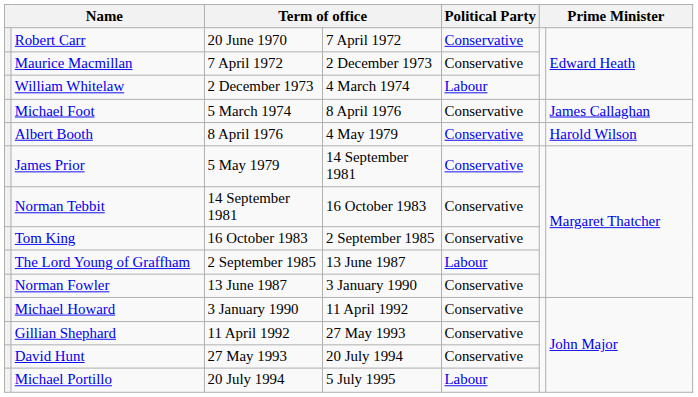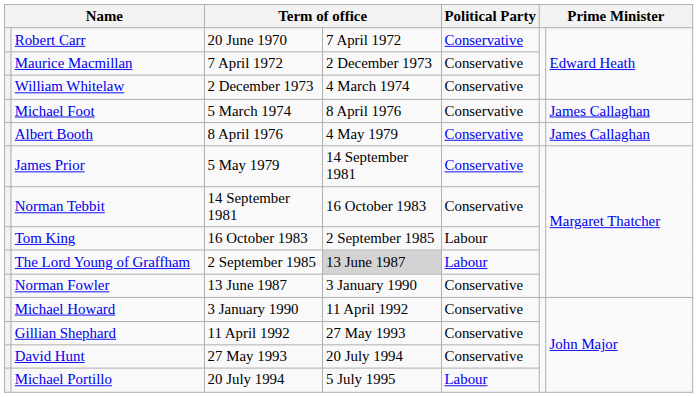 <table class="wikitable">
 <tr>
 <th colspan=2>Name</th>
 <th colspan=2>Term of office</th>
 <th>Political Party</th>
 <th colspan=2>Prime Minister</th>
 </tr>
 <tr>
 <th style="background-color: "></th>
 <td width=200><a href='#'>Robert Carr</a></td>
 <td width=120>20 June 1970</td>
 <td width=120>7 April 1972</td>
 <td><a href='#'>Conservative</a></td>
 <td rowspan=3 style="background-color: "></td>
 <td width=150 rowspan=3><a href='#'>Edward Heath</a></td>
 </tr>
 <tr>
 <th style="background-color: "></th>
 <td><a href='#'>Maurice Macmillan</a></td>
 <td>7 April 1972</td>
 <td>2 December 1973</td>
 <td>Conservative</td>
 </tr>
 <tr>
 <th style="background-color: "></th>
 <td><a href='#'>William Whitelaw</a></td>
 <td>2 December 1973</td>
 <td>4 March 1974</td>
-<td><a href='#'>Labour</a></td>
+<td>Conservative</td>
 </tr>
 <tr>
 <th style="background-color: "></th>
 <td><a href='#'>Michael Foot</a></td>
 <td>5 March 1974</td>
 <td>8 April 1976</td>
 <td>Conservative</td>
 <td style="background-color: "></td>
 <td><a href='#'>James Callaghan</a></td>
 </tr>
 <tr>
 <th style="background-color: "></th>
 <td><a href='#'>Albert Booth</a></td>
 <td>8 April 1976</td>
 <td>4 May 1979</td>
 <td><a href='#'>Conservative</a></td>
 <td style="background-color: "></td>
-<td><a href='#'>Harold Wilson</a></td>
+<td><a href='#'>James Callaghan</a></td>
 </tr>
 <tr>
 <th style="background-color: "></th>
 <td><a href='#'>James Prior</a></td>
 <td>5 May 1979</td>
 <td>14 September 1981</td>
 <td><a href='#'>Conservative</a></td>
 <td rowspan=6 style="background-color: "></td>
 <td rowspan=6><a href='#'>Margaret Thatcher</a></td>
 </tr>
 <tr>
 <th style="background-color: "></th>
 <td><a href='#'>Norman Tebbit</a></td>
 <td>14 September 1981</td>
 <td>16 October 1983</td>
 <td>Conservative</td>
 </tr>
 <tr>
 <th style="background-color: "></th>
 <td><a href='#'>Tom King</a></td>
 <td>16 October 1983</td>
 <td>2 September 1985</td>
-<td>Conservative</td>
+<td>Labour</td>
 </tr>
 <tr>
 <th style="background-color: "></th>
 <td><a href='#'>The Lord Young of Graffham</a></td>
 <td>2 September 1985</td>
-<td>13 June 1987</td>
+<td style="background: lightgrey;">13 June 1987</td>
 <td><a href='#'>Labour</a></td>
 </tr>
 <tr>
 <th style="background-color: "></th>
 <td><a href='#'>Norman Fowler</a></td>
 <td>13 June 1987</td>
 <td>3 January 1990</td>
 <td>Conservative</td>
 </tr>
 <tr>
 <th rowspan=2 style="background-color: "></th>
 <td rowspan=2><a href='#'>Michael Howard</a></td>
 <td rowspan=2>3 January 1990</td>
 <td rowspan=2>11 April 1992</td>
 <td rowspan=2>Conservative</td>
 </tr>
 <tr>
 <td rowspan=4 style="background-color: "></td>
 <td rowspan=4><a href='#'>John Major</a></td>
 </tr>
 <tr>
 <th style="background-color: "></th>
 <td><a href='#'>Gillian Shephard</a></td>
 <td>11 April 1992</td>
 <td>27 May 1993</td>
 <td>Conservative</td>
 </tr>
 <tr>
 <th style="background-color: "></th>
 <td><a href='#'>David Hunt</a></td>
 <td>27 May 1993</td>
 <td>20 July 1994</td>
 <td>Conservative</td>
 </tr>
 <tr>
 <th style="background-color: "></th>
 <td><a href='#'>Michael Portillo</a></td>
 <td>20 July 1994</td>
 <td>5 July 1995</td>
 <td><a href='#'>Labour</a></td>
 </tr>
 </table>
